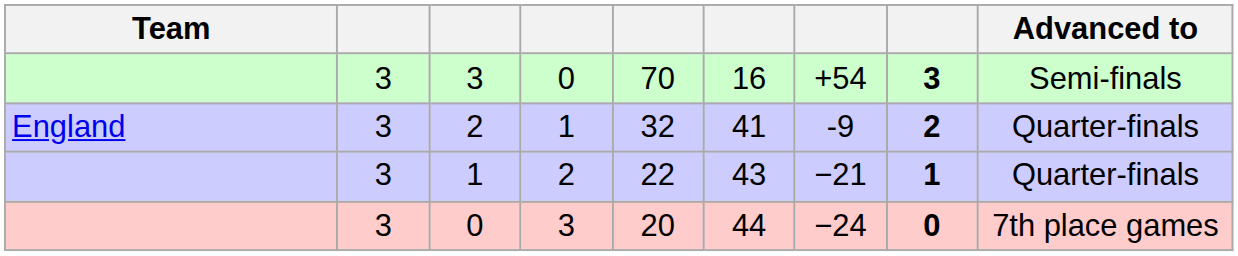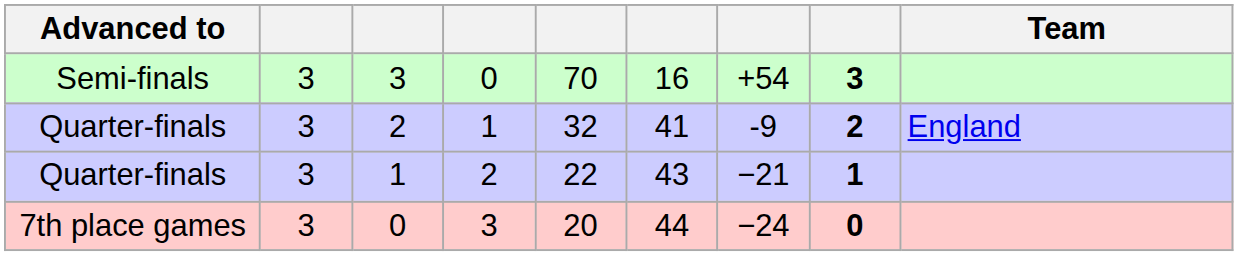 <table class="wikitable" style="text-align:center;">
 <tr>
-<th width=165>Team</th>
+<th width=125>Advanced to</th>
 <th width=40></th>
 <th width=40></th>
 <th width=40></th>
 <th width=40></th>
 <th width=40></th>
 <th width=40></th>
 <th width=40></th>
-<th width=125>Advanced to</th>
+<th width=165>Team</th>
 </tr>
 <tr style="background:#cfc">
-<td align=left></td>
+<td>Semi-finals</td>
 <td>3</td>
 <td>3</td>
 <td>0</td>
 <td>70</td>
 <td>16</td>
 <td>+54</td>
 <td><strong>3</strong></td>
-<td>Semi-finals</td>
+<td align=left></td>
 </tr>
 <tr style="background:#ccf">
-<td align=left> <a href='#'>England</a></td>
+<td>Quarter-finals</td>
 <td>3</td>
 <td>2</td>
 <td>1</td>
 <td>32</td>
 <td>41</td>
 <td>-9</td>
 <td><strong>2</strong></td>
-<td>Quarter-finals</td>
+<td align=left> <a href='#'>England</a></td>
 </tr>
 <tr style="background:#ccf">
-<td align=left></td>
+<td>Quarter-finals</td>
 <td>3</td>
 <td>1</td>
 <td>2</td>
 <td>22</td>
 <td>43</td>
 <td>−21</td>
 <td><strong>1</strong></td>
-<td>Quarter-finals</td>
+<td align=left></td>
 </tr>
 <tr style="background:#fcc">
-<td align=left></td>
+<td>7th place games</td>
 <td>3</td>
 <td>0</td>
 <td>3</td>
 <td>20</td>
 <td>44</td>
 <td>−24</td>
 <td><strong>0</strong></td>
-<td>7th place games</td>
+<td align=left></td>
 </tr>
 </table>
